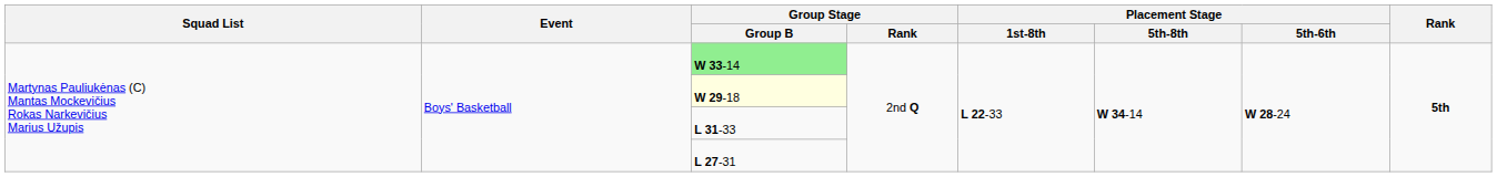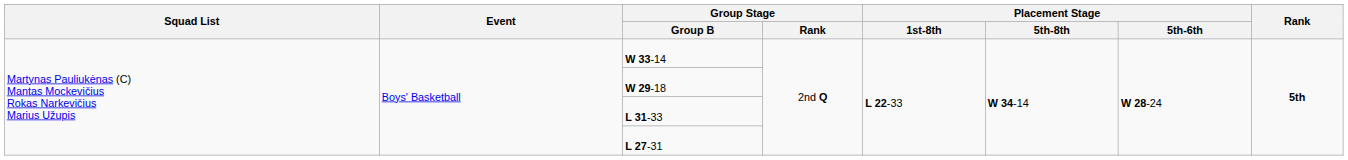 <table class="wikitable" width="90%" style="text-align:left; font-size:90%">
 <tr>
 <th rowspan="2">Squad List</th>
 <th rowspan="2">Event</th>
 <th colspan="2">Group Stage</th>
 <th colspan="3">Placement Stage</th>
 <th rowspan="2">Rank</th>
 </tr>
 <tr>
 <th>Group B</th>
 <th>Rank</th>
 <th>1st-8th</th>
 <th>5th-8th</th>
 <th>5th-6th</th>
 </tr>
 <tr>
 <td rowspan="4"><a href='#'>Martynas Pauliukėnas</a> (C) <br> <a href='#'>Mantas Mockevičius</a> <br> <a href='#'>Rokas Narkevičius</a> <br> <a href='#'>Marius Užupis</a></td>
 <td rowspan="4"><a href='#'>Boys' Basketball</a></td>
-<td style="background: lightgreen;"><br> <strong>W</strong> <strong>33</strong>-14</td>
+<td><br> <strong>W</strong> <strong>33</strong>-14</td>
 <td rowspan="4" align=center>2nd <strong>Q</strong></td>
 <td rowspan="4"><br> <strong>L</strong> <strong>22</strong>-33</td>
 <td rowspan="4"><br> <strong>W</strong> <strong>34</strong>-14</td>
 <td rowspan="4"><br> <strong>W</strong> <strong>28</strong>-24</td>
 <td rowspan="4" align="center"><strong>5th</strong></td>
 </tr>
 <tr>
-<td style="background: lightyellow;"><br> <strong>W</strong> <strong>29</strong>-18</td>
+<td><br> <strong>W</strong> <strong>29</strong>-18</td>
 </tr>
 <tr>
 <td><br> <strong>L</strong> <strong>31</strong>-33</td>
 </tr>
 <tr>
 <td><br> <strong>L</strong> <strong>27</strong>-31</td>
 </tr>
 </table>
